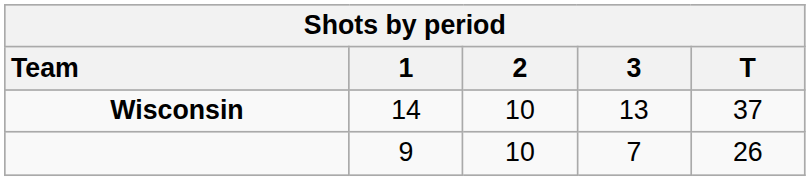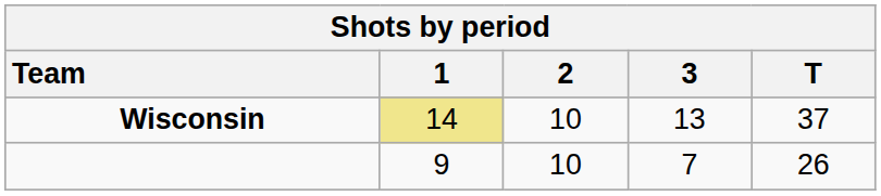 <table class="wikitable" style="width:30em; text-align:right;">
 <tr>
 <th colspan=5>Shots by period</th>
 </tr>
 <tr>
 <th style="width:10em; text-align:left;">Team</th>
 <th style="width:3em;">1</th>
 <th style="width:3em;">2</th>
 <th style="width:3em;">3</th>
 <th style="width:3em;">T</th>
 </tr>
 <tr>
 <td align=center><strong>Wisconsin</strong></td>
-<td align=center>14</td>
+<td align=center style="background: khaki;">14</td>
 <td align=center>10</td>
 <td align=center>13</td>
 <td align=center>37</td>
 </tr>
 <tr>
 <td style="text-align:center; "><strong></strong></td>
 <td align=center>9</td>
 <td align=center>10</td>
 <td align=center>7</td>
 <td align=center>26</td>
 </tr>
 </table>
